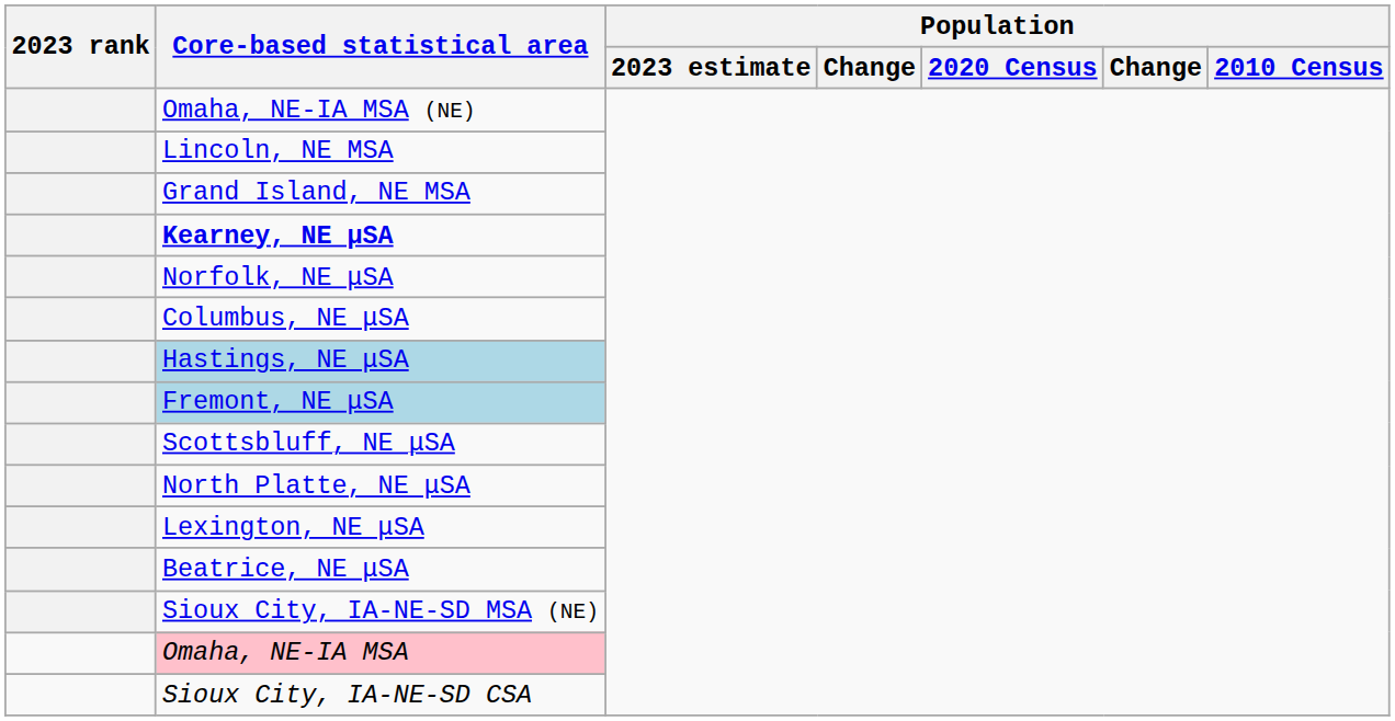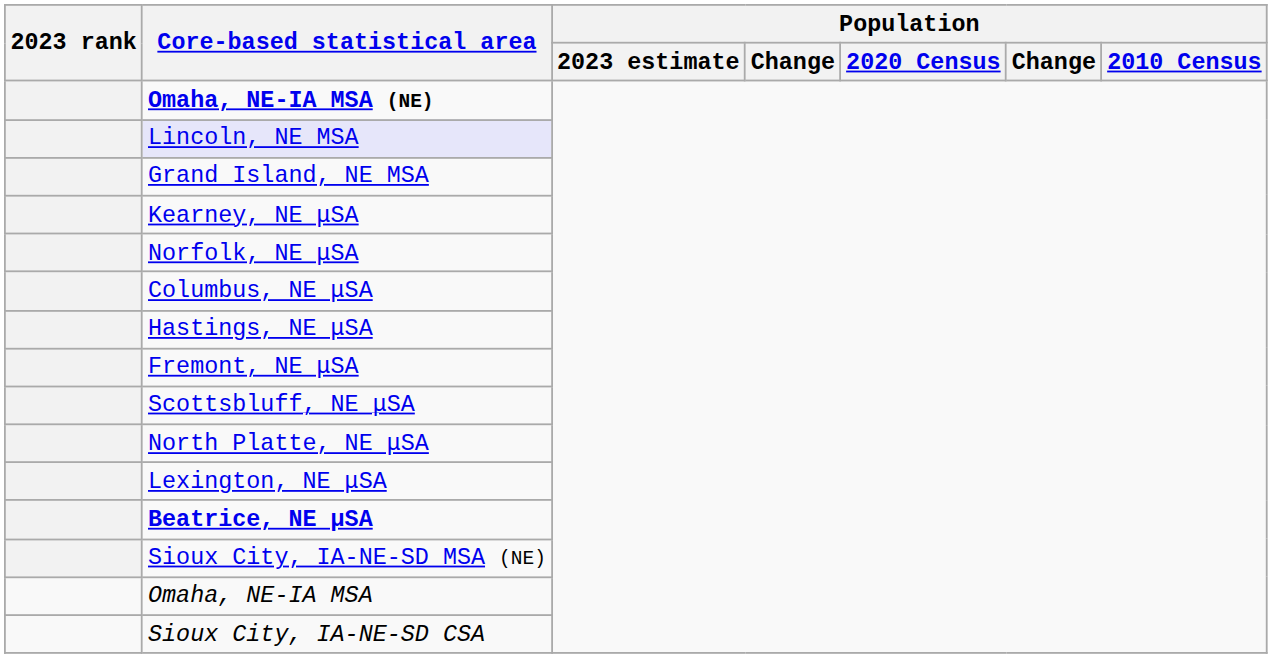 <table class="wikitable sortable">
 <tr>
 <th scope=col rowspan=2>2023 rank</th>
 <th scope=col rowspan=2><a href='#'>Core-based statistical area</a></th>
 <th colspan=5>Population</th>
 </tr>
 <tr>
 <th scope=col>2023 estimate</th>
 <th scope=col>Change</th>
 <th scope=col><a href='#'>2020 Census</a></th>
 <th scope=col>Change</th>
 <th scope=col><a href='#'>2010 Census</a></th>
 </tr>
 <tr>
 <th scope=row></th>
-<td><a href='#'>Omaha, NE-IA MSA</a> <small>(NE)</small><br></td>
+<td><strong><a href='#'>Omaha, NE-IA MSA</a> <small>(NE)</small><br></strong></td>
 </tr>
 <tr>
 <th scope=row></th>
-<td><a href='#'>Lincoln, NE MSA</a><br></td>
+<td style="background: lavender;"><a href='#'>Lincoln, NE MSA</a><br></td>
 </tr>
 <tr>
 <th scope=row></th>
 <td><a href='#'>Grand Island, NE MSA</a><br></td>
 </tr>
 <tr>
 <th scope=row></th>
-<td><strong><a href='#'>Kearney, NE μSA</a><br></strong></td>
+<td><a href='#'>Kearney, NE μSA</a><br></td>
 </tr>
 <tr>
 <th scope=row></th>
 <td><a href='#'>Norfolk, NE μSA</a><br></td>
 </tr>
 <tr>
 <th scope=row></th>
 <td><a href='#'>Columbus, NE μSA</a><br></td>
 </tr>
 <tr>
 <th scope=row></th>
-<td style="background: lightblue;"><a href='#'>Hastings, NE μSA</a><br></td>
+<td><a href='#'>Hastings, NE μSA</a><br></td>
 </tr>
 <tr>
 <th scope=row></th>
-<td style="background: lightblue;"><a href='#'>Fremont, NE μSA</a><br></td>
+<td><a href='#'>Fremont, NE μSA</a><br></td>
 </tr>
 <tr>
 <th scope=row></th>
 <td><a href='#'>Scottsbluff, NE μSA</a><br></td>
 </tr>
 <tr>
 <th scope=row></th>
 <td><a href='#'>North Platte, NE μSA</a><br></td>
 </tr>
 <tr>
 <th scope=row></th>
 <td><a href='#'>Lexington, NE μSA</a><br></td>
 </tr>
 <tr>
 <th scope=row></th>
-<td><a href='#'>Beatrice, NE μSA</a><br></td>
+<td><strong><a href='#'>Beatrice, NE μSA</a><br></strong></td>
 </tr>
 <tr>
 <th scope=row></th>
 <td><a href='#'>Sioux City, IA-NE-SD MSA</a> <small>(NE)</small><br></td>
 </tr>
 <tr>
 <td></td>
-<td style="background: pink;"><em><span>Omaha, NE-IA MSA</span></em><br></td>
+<td><em><span>Omaha, NE-IA MSA</span></em><br></td>
 </tr>
 <tr>
 <td></td>
 <td><em><span>Sioux City, IA-NE-SD CSA</span></em><br></td>
 </tr>
 </table>
